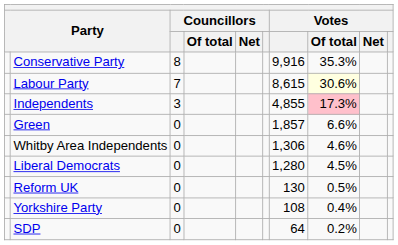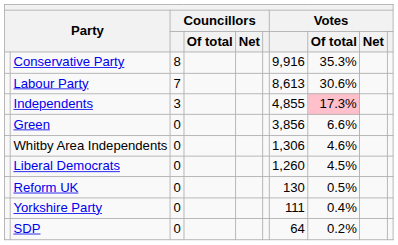 <table class="wikitable sortable" style="text-align:center;">
 <tr>
 <th colspan="10"></th>
 </tr>
 <tr>
 <th colspan="2" rowspan="2">Party</th>
 <th colspan="4">Councillors</th>
 <th colspan="4">Votes</th>
 </tr>
 <tr>
 <th></th>
 <th>Of total</th>
 <th>Net</th>
 <th class="unsortable"></th>
 <th></th>
 <th>Of total</th>
 <th>Net</th>
 <th class="unsortable"></th>
 </tr>
 <tr>
 <td style="background:"></td>
 <td style="text-align:left;"><a href='#'>Conservative Party</a></td>
 <td style="text-align:right;">8</td>
 <td style="text-align:right;"></td>
 <td style="text-align:right;"></td>
 <td data-sort-value=""></td>
 <td style="text-align:right;">9,916</td>
 <td style="text-align:right;">35.3%</td>
 <td style="text-align:right;"></td>
 <td></td>
 </tr>
 <tr>
 <td style="background:"></td>
 <td style="text-align:left;"><a href='#'>Labour Party</a></td>
 <td style="text-align:right;">7</td>
 <td style="text-align:right;"></td>
 <td style="text-align:right;"></td>
 <td data-sort-value=""></td>
-<td style="text-align:right;">8,615</td>
-<td style="background: lightyellow; text-align:right;">30.6%</td>
+<td style="text-align:right;">8,613</td>
+<td style="text-align:right;">30.6%</td>
 <td style="text-align:right;"></td>
 <td></td>
 </tr>
 <tr>
 <td style="background:"></td>
 <td style="text-align:left;"><a href='#'>Independents</a></td>
 <td style="text-align:right;">3</td>
 <td style="text-align:right;"></td>
 <td style="text-align:right;"></td>
 <td data-sort-value=""></td>
 <td style="text-align:right;">4,855</td>
 <td style="background: pink; text-align:right;">17.3%</td>
 <td style="text-align:right;"></td>
 <td></td>
 </tr>
 <tr>
 <td style="background:"></td>
 <td style="text-align:left;"><a href='#'>Green</a></td>
 <td style="text-align:right;">0</td>
 <td style="text-align:right;"></td>
 <td style="text-align:right;"></td>
 <td data-sort-value=""></td>
-<td style="text-align:right;">1,857</td>
+<td style="text-align:right;">3,856</td>
 <td style="text-align:right;">6.6%</td>
 <td style="text-align:right;"></td>
 <td></td>
 </tr>
 <tr>
 <td style="background:"></td>
 <td style="text-align:left;">Whitby Area Independents</td>
 <td style="text-align:right;">0</td>
 <td style="text-align:right;"></td>
 <td style="text-align:right;"></td>
 <td data-sort-value=""></td>
 <td style="text-align:right;">1,306</td>
 <td style="text-align:right;">4.6%</td>
 <td style="text-align:right;"></td>
 <td></td>
 </tr>
 <tr>
 <td style="background:"></td>
 <td style="text-align:left;"><a href='#'>Liberal Democrats</a></td>
 <td style="text-align:right;">0</td>
 <td style="text-align:right;"></td>
 <td style="text-align:right;"></td>
 <td data-sort-value=""></td>
-<td style="text-align:right;">1,280</td>
+<td style="text-align:right;">1,260</td>
 <td style="text-align:right;">4.5%</td>
 <td style="text-align:right;"></td>
 <td></td>
 </tr>
 <tr>
 <td style="background:"></td>
 <td style="text-align:left;"><a href='#'>Reform UK</a></td>
 <td style="text-align:right;">0</td>
 <td style="text-align:right;"></td>
 <td style="text-align:right;"></td>
 <td data-sort-value=""></td>
 <td style="text-align:right;">130</td>
 <td style="text-align:right;">0.5%</td>
 <td style="text-align:right;"></td>
 <td></td>
 </tr>
 <tr>
 <td style="background:"></td>
 <td style="text-align:left;"><a href='#'>Yorkshire Party</a></td>
 <td style="text-align:right;">0</td>
 <td style="text-align:right;"></td>
 <td style="text-align:right;"></td>
 <td data-sort-value=""></td>
-<td style="text-align:right;">108</td>
+<td style="text-align:right;">111</td>
 <td style="text-align:right;">0.4%</td>
 <td style="text-align:right;"></td>
 <td></td>
 </tr>
 <tr>
 <td style="background:"></td>
 <td style="text-align:left;"><a href='#'>SDP</a></td>
 <td style="text-align:right;">0</td>
 <td style="text-align:right;"></td>
 <td style="text-align:right;"></td>
 <td data-sort-value=""></td>
 <td style="text-align:right;">64</td>
 <td style="text-align:right;">0.2%</td>
 <td style="text-align:right;"></td>
 <td></td>
 </tr>
 </table>
